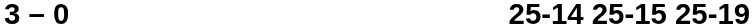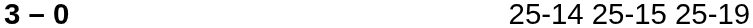 <table width=100% cellspacing=1>
 <tr>
 <th width=20%></th>
 <th width=12%></th>
 <th width=20%></th>
 <th width=33%></th>
 <td></td>
 </tr>
 <tr style=font-size:90%>
 <td align=right><strong></strong></td>
 <td align=center><strong>3 – 0</strong></td>
 <td></td>
-<td><strong>25-14 25-15 25-19</strong></td>
+<td>25-14 25-15 25-19</td>
 </tr>
 </table>
